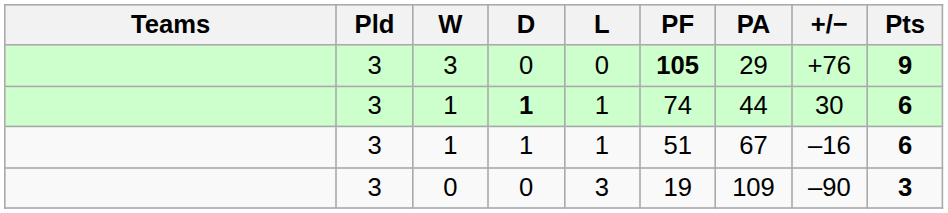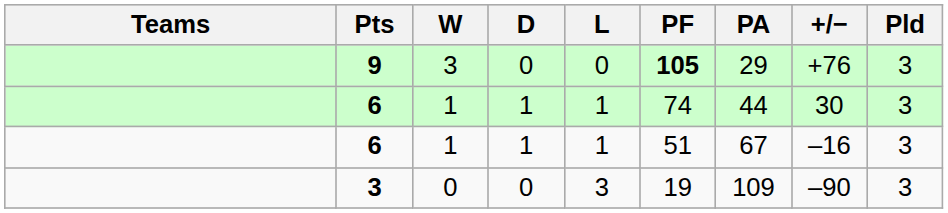 <table class="wikitable" style="text-align: center;">
 <tr>
 <th width="200">Teams</th>
-<th width="40">Pld</th>
+<th width="40">Pts</th>
 <th width="40">W</th>
 <th width="40">D</th>
 <th width="40">L</th>
 <th width="40">PF</th>
 <th width="40">PA</th>
 <th width="40">+/−</th>
-<th width="40">Pts</th>
+<th width="40">Pld</th>
 </tr>
 <tr bgcolor=ccffcc>
 <td align=left></td>
-<td>3</td>
+<td><strong>9</strong></td>
 <td>3</td>
 <td>0</td>
 <td>0</td>
 <td><strong>105</strong></td>
 <td>29</td>
 <td>+76</td>
-<td><strong>9</strong></td>
+<td>3</td>
 </tr>
 <tr bgcolor=ccffcc>
 <td align=left></td>
-<td>3</td>
+<td><strong>6</strong></td>
 <td>1</td>
-<td><strong>1</strong></td>
+<td>1</td>
 <td>1</td>
 <td>74</td>
 <td>44</td>
 <td>30</td>
-<td><strong>6</strong></td>
+<td>3</td>
 </tr>
 <tr>
 <td align=left></td>
-<td>3</td>
+<td><strong>6</strong></td>
 <td>1</td>
 <td>1</td>
 <td>1</td>
 <td>51</td>
 <td>67</td>
 <td>–16</td>
-<td><strong>6</strong></td>
+<td>3</td>
 </tr>
 <tr>
 <td align=left></td>
-<td>3</td>
+<td><strong>3</strong></td>
 <td>0</td>
 <td>0</td>
 <td>3</td>
 <td>19</td>
 <td>109</td>
 <td>–90</td>
-<td><strong>3</strong></td>
+<td>3</td>
 </tr>
 </table>
